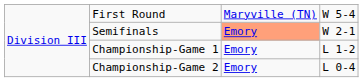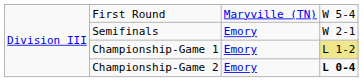 <table class="wikitable">
 <tr>
 <td rowspan="4"><a href='#'>Division III</a></td>
 <td>First Round</td>
 <td><a href='#'>Maryville (TN)</a></td>
 <td>W 5-4</td>
 </tr>
 <tr>
 <td>Semifinals</td>
-<td style="background: lightsalmon;"><a href='#'>Emory</a></td>
+<td><a href='#'>Emory</a></td>
 <td>W 2-1</td>
 </tr>
 <tr>
 <td>Championship-Game 1</td>
 <td><a href='#'>Emory</a></td>
-<td>L 1-2</td>
+<td style="background: khaki;">L 1-2</td>
 </tr>
 <tr>
 <td>Championship-Game 2</td>
 <td><a href='#'>Emory</a></td>
-<td>L 0-4</td>
+<td><strong>L 0-4</strong></td>
 </tr>
 </table>
